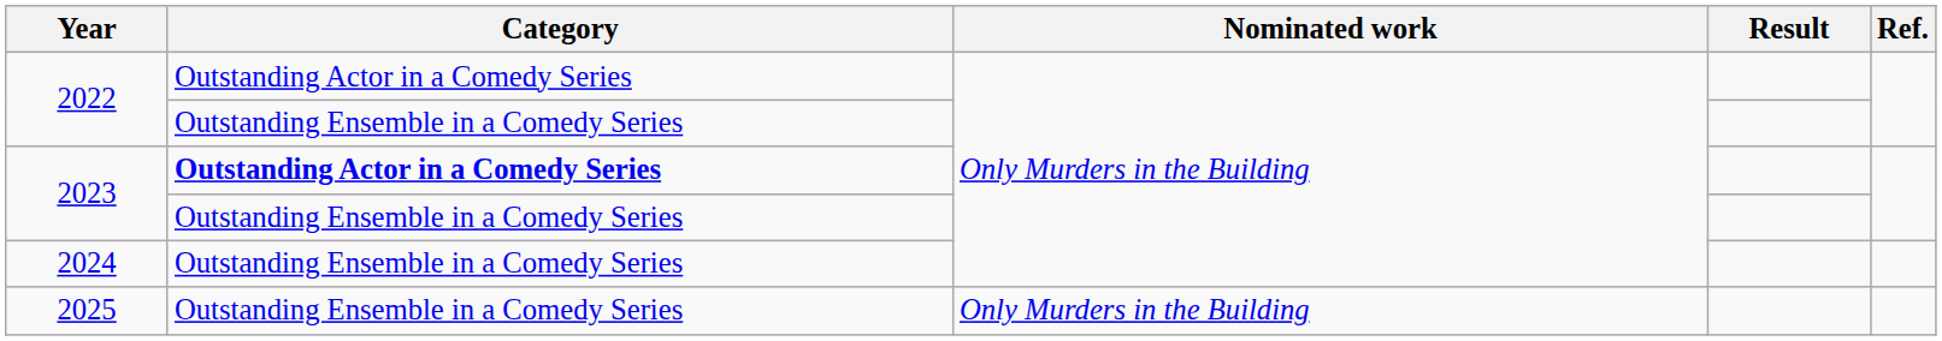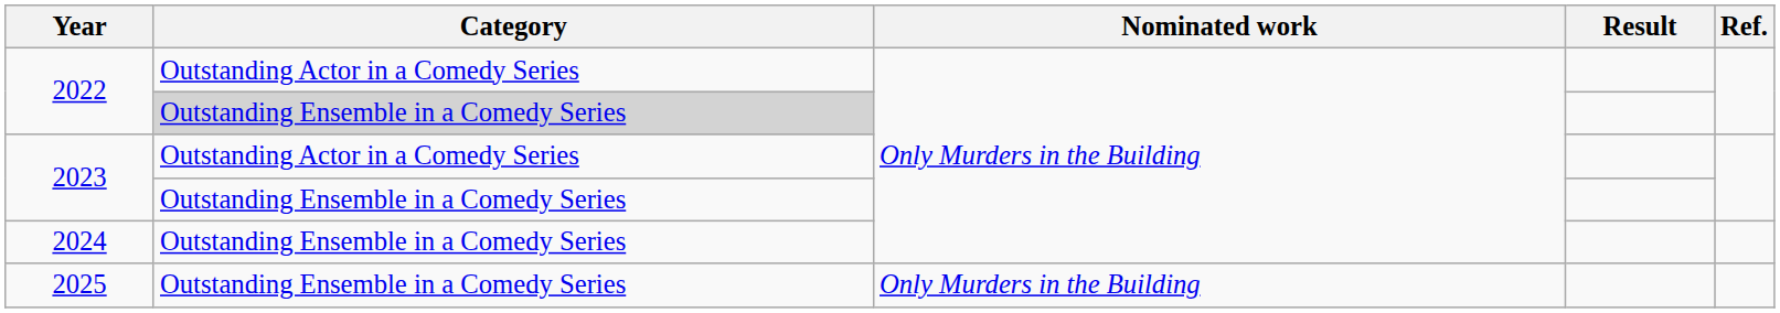 <table class=wikitable>
 <tr>
 <th scope="col" style="width:5em;">Year</th>
 <th scope="col" style="width:26em;">Category</th>
 <th scope="col" style="width:25em;">Nominated work</th>
 <th scope="col" style="width:5em;">Result</th>
 <th>Ref.</th>
 </tr>
 <tr>
 <td rowspan="2" align="center"><a href='#'>2022</a></td>
 <td><a href='#'>Outstanding Actor in a Comedy Series</a></td>
 <td rowspan="5"><em><a href='#'>Only Murders in the Building</a></em></td>
 <td></td>
 <td rowspan="2" align="center"></td>
 </tr>
 <tr>
-<td><a href='#'>Outstanding Ensemble in a Comedy Series</a></td>
+<td style="background: lightgrey;"><a href='#'>Outstanding Ensemble in a Comedy Series</a></td>
 <td></td>
 </tr>
 <tr>
 <td rowspan="2" align="center"><a href='#'>2023</a></td>
-<td><strong><a href='#'>Outstanding Actor in a Comedy Series</a></strong></td>
+<td><a href='#'>Outstanding Actor in a Comedy Series</a></td>
 <td></td>
 <td rowspan="2" align="center"></td>
 </tr>
 <tr>
 <td><a href='#'>Outstanding Ensemble in a Comedy Series</a></td>
 <td></td>
 </tr>
 <tr>
 <td align="center"><a href='#'>2024</a></td>
 <td><a href='#'>Outstanding Ensemble in a Comedy Series</a></td>
 <td></td>
 <td align="center"></td>
 </tr>
 <tr>
 <td rowspan="2" align="center"><a href='#'>2025</a></td>
 <td><a href='#'>Outstanding Ensemble in a Comedy Series</a></td>
 <td rowspan="5"><em><a href='#'>Only Murders in the Building</a></em></td>
 <td></td>
 <td rowspan="2" align="center"></td>
 </tr>
 </table>
